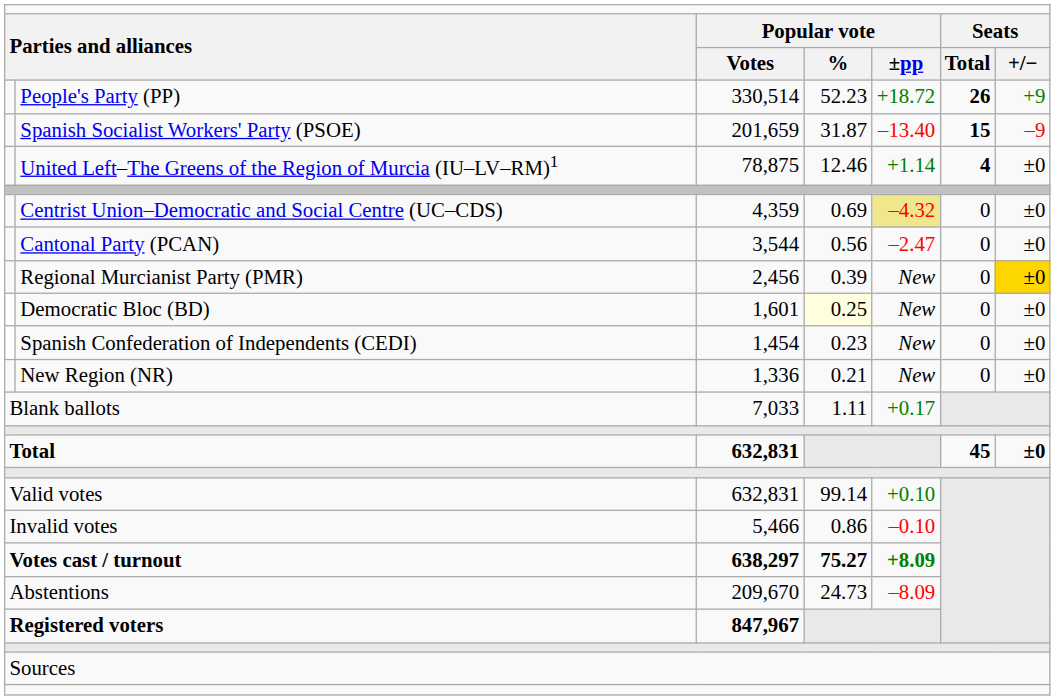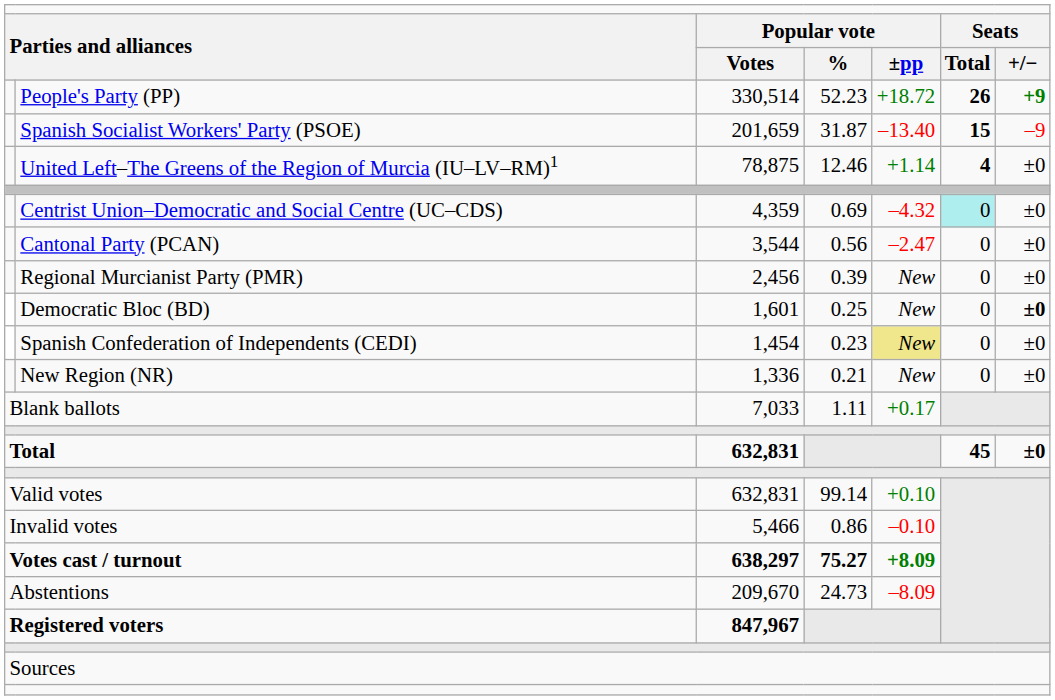 <table class="wikitable" style="text-align:right;">
 <tr>
 <td colspan="7"></td>
 </tr>
 <tr>
 <th style="text-align:left;" rowspan="2" colspan="2" width="525">Parties and alliances</th>
 <th colspan="3">Popular vote</th>
 <th colspan="2">Seats</th>
 </tr>
 <tr>
 <th width="75">Votes</th>
 <th width="45">%</th>
 <th width="45">±<a href='#'>pp</a></th>
 <th width="35">Total</th>
 <th width="35">+/−</th>
 </tr>
 <tr>
 <td width="1" style="color:inherit;background:"></td>
 <td align="left"><a href='#'>People's Party</a> (PP)</td>
 <td>330,514</td>
 <td>52.23</td>
 <td style="color:green;">+18.72</td>
 <td><strong>26</strong></td>
-<td style="color:green;">+9</td>
+<td style="color:green;"><strong>+9</strong></td>
 </tr>
 <tr>
 <td style="color:inherit;background:"></td>
 <td align="left"><a href='#'>Spanish Socialist Workers' Party</a> (PSOE)</td>
 <td>201,659</td>
 <td>31.87</td>
 <td style="color:red;">–13.40</td>
 <td><strong>15</strong></td>
 <td style="color:red;">–9</td>
 </tr>
 <tr>
 <td style="color:inherit;background:"></td>
 <td align="left"><a href='#'>United Left</a>–<a href='#'>The Greens of the Region of Murcia</a> (IU–LV–RM)<sup>1</sup></td>
 <td>78,875</td>
 <td>12.46</td>
 <td style="color:green;">+1.14</td>
 <td><strong>4</strong></td>
 <td>±0</td>
 </tr>
 <tr>
 <td colspan="7" bgcolor="#C0C0C0"></td>
 </tr>
 <tr>
 <td style="color:inherit;background:"></td>
 <td align="left"><a href='#'>Centrist Union–Democratic and Social Centre</a> (UC–CDS)</td>
 <td>4,359</td>
 <td>0.69</td>
-<td style="background: khaki; color:red;">–4.32</td>
-<td>0</td>
+<td style="color:red;">–4.32</td>
+<td style="background: paleturquoise;">0</td>
 <td>±0</td>
 </tr>
 <tr>
 <td style="color:inherit;background:"></td>
 <td align="left"><a href='#'>Cantonal Party</a> (PCAN)</td>
 <td>3,544</td>
 <td>0.56</td>
 <td style="color:red;">–2.47</td>
 <td>0</td>
 <td>±0</td>
 </tr>
 <tr>
 <td style="color:inherit;background:"></td>
 <td align="left">Regional Murcianist Party (PMR)</td>
 <td>2,456</td>
 <td>0.39</td>
 <td><em>New</em></td>
 <td>0</td>
-<td style="background: gold;">±0</td>
+<td>±0</td>
 </tr>
 <tr>
 <td bgcolor="white"></td>
 <td align="left">Democratic Bloc (BD)</td>
 <td>1,601</td>
-<td style="background: lightyellow;">0.25</td>
+<td>0.25</td>
 <td><em>New</em></td>
 <td>0</td>
-<td>±0</td>
+<td><strong>±0</strong></td>
 </tr>
 <tr>
 <td bgcolor="white"></td>
 <td align="left">Spanish Confederation of Independents (CEDI)</td>
 <td>1,454</td>
 <td>0.23</td>
-<td><em>New</em></td>
+<td style="background: khaki;"><em>New</em></td>
 <td>0</td>
 <td>±0</td>
 </tr>
 <tr>
 <td style="color:inherit;background:"></td>
 <td align="left">New Region (NR)</td>
 <td>1,336</td>
 <td>0.21</td>
 <td><em>New</em></td>
 <td>0</td>
 <td>±0</td>
 </tr>
 <tr>
 <td align="left" colspan="2">Blank ballots</td>
 <td>7,033</td>
 <td>1.11</td>
 <td style="color:green;">+0.17</td>
 <td bgcolor="#E9E9E9" colspan="2"></td>
 </tr>
 <tr>
 <td colspan="7" bgcolor="#E9E9E9"></td>
 </tr>
 <tr style="font-weight:bold;">
 <td align="left" colspan="2">Total</td>
 <td>632,831</td>
 <td bgcolor="#E9E9E9" colspan="2"></td>
 <td>45</td>
 <td>±0</td>
 </tr>
 <tr>
 <td colspan="7" bgcolor="#E9E9E9"></td>
 </tr>
 <tr>
 <td align="left" colspan="2">Valid votes</td>
 <td>632,831</td>
 <td>99.14</td>
 <td style="color:green;">+0.10</td>
 <td bgcolor="#E9E9E9" colspan="2" rowspan="5"></td>
 </tr>
 <tr>
 <td align="left" colspan="2">Invalid votes</td>
 <td>5,466</td>
 <td>0.86</td>
 <td style="color:red;">–0.10</td>
 </tr>
 <tr style="font-weight:bold;">
 <td align="left" colspan="2">Votes cast / turnout</td>
 <td>638,297</td>
 <td>75.27</td>
 <td style="color:green;">+8.09</td>
 </tr>
 <tr>
 <td align="left" colspan="2">Abstentions</td>
 <td>209,670</td>
 <td>24.73</td>
 <td style="color:red;">–8.09</td>
 </tr>
 <tr style="font-weight:bold;">
 <td align="left" colspan="2">Registered voters</td>
 <td>847,967</td>
 <td bgcolor="#E9E9E9" colspan="2"></td>
 </tr>
 <tr>
 <td colspan="7" bgcolor="#E9E9E9"></td>
 </tr>
 <tr>
 <td align="left" colspan="7">Sources</td>
 </tr>
 <tr>
 <td colspan="7" style="text-align:left; max-width:790px;"></td>
 </tr>
 </table>
